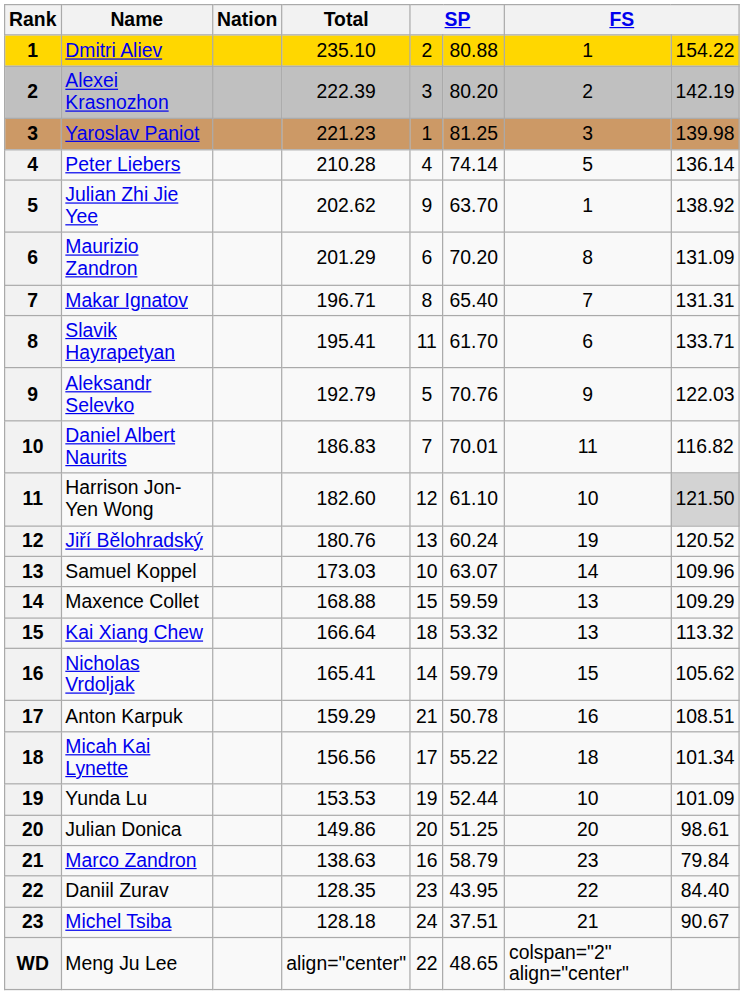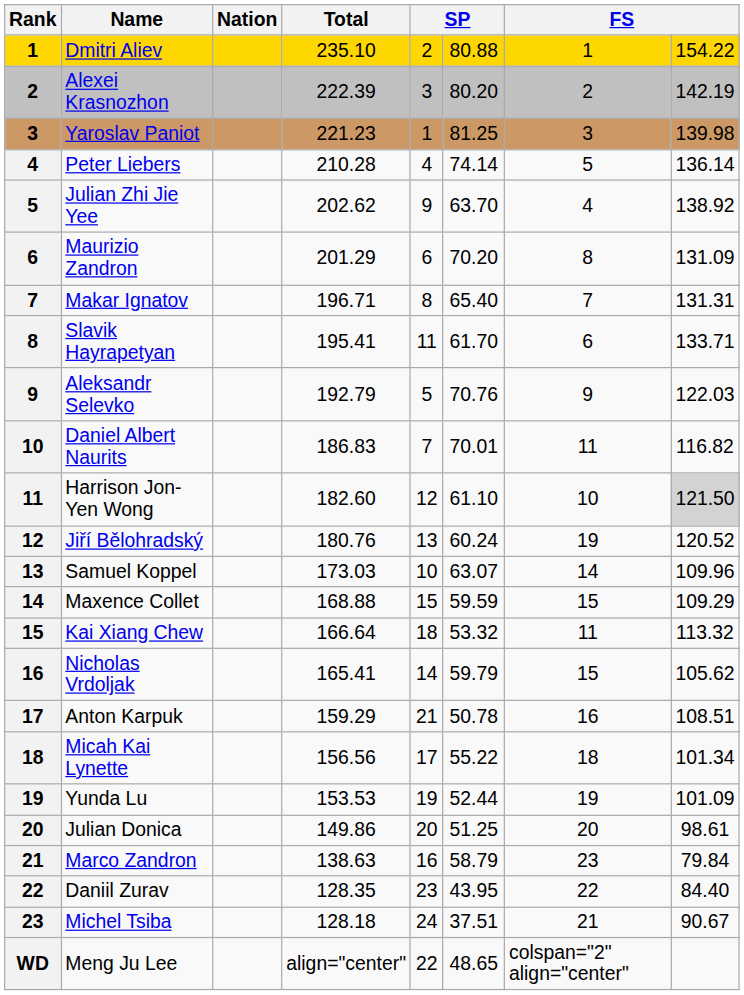 <table class="wikitable sortable">
 <tr>
 <th>Rank</th>
 <th>Name</th>
 <th>Nation</th>
 <th width="80px">Total</th>
 <th colspan="2" width="80px"><a href='#'>SP</a></th>
 <th colspan="2" width="80px"><a href='#'>FS</a></th>
 </tr>
 <tr bgcolor="gold">
 <td align="center"><strong>1</strong></td>
 <td><a href='#'>Dmitri Aliev</a></td>
 <td></td>
 <td align="center">235.10</td>
 <td align="center">2</td>
 <td align="center">80.88</td>
 <td align="center">1</td>
 <td align="center">154.22</td>
 </tr>
 <tr bgcolor="silver">
 <td align="center"><strong>2</strong></td>
 <td><a href='#'>Alexei Krasnozhon</a></td>
 <td></td>
 <td align="center">222.39</td>
 <td align="center">3</td>
 <td align="center">80.20</td>
 <td align="center">2</td>
 <td align="center">142.19</td>
 </tr>
 <tr bgcolor="cc9966">
 <td align="center"><strong>3</strong></td>
 <td><a href='#'>Yaroslav Paniot</a></td>
 <td></td>
 <td align="center">221.23</td>
 <td align="center">1</td>
 <td align="center">81.25</td>
 <td align="center">3</td>
 <td align="center">139.98</td>
 </tr>
 <tr>
 <th>4</th>
 <td><a href='#'>Peter Liebers</a></td>
 <td></td>
 <td align="center">210.28</td>
 <td align="center">4</td>
 <td align="center">74.14</td>
 <td align="center">5</td>
 <td align="center">136.14</td>
 </tr>
 <tr>
 <th>5</th>
 <td><a href='#'>Julian Zhi Jie Yee</a></td>
 <td></td>
 <td align="center">202.62</td>
 <td align="center">9</td>
 <td align="center">63.70</td>
-<td align="center">1</td>
+<td align="center">4</td>
 <td align="center">138.92</td>
 </tr>
 <tr>
 <th>6</th>
 <td><a href='#'>Maurizio Zandron</a></td>
 <td></td>
 <td align="center">201.29</td>
 <td align="center">6</td>
 <td align="center">70.20</td>
 <td align="center">8</td>
 <td align="center">131.09</td>
 </tr>
 <tr>
 <th>7</th>
 <td><a href='#'>Makar Ignatov</a></td>
 <td></td>
 <td align="center">196.71</td>
 <td align="center">8</td>
 <td align="center">65.40</td>
 <td align="center">7</td>
 <td align="center">131.31</td>
 </tr>
 <tr>
 <th>8</th>
 <td><a href='#'>Slavik Hayrapetyan</a></td>
 <td></td>
 <td align="center">195.41</td>
 <td align="center">11</td>
 <td align="center">61.70</td>
 <td align="center">6</td>
 <td align="center">133.71</td>
 </tr>
 <tr>
 <th>9</th>
 <td><a href='#'>Aleksandr Selevko</a></td>
 <td></td>
 <td align="center">192.79</td>
 <td align="center">5</td>
 <td align="center">70.76</td>
 <td align="center">9</td>
 <td align="center">122.03</td>
 </tr>
 <tr>
 <th>10</th>
 <td><a href='#'>Daniel Albert Naurits</a></td>
 <td></td>
 <td align="center">186.83</td>
 <td align="center">7</td>
 <td align="center">70.01</td>
 <td align="center">11</td>
 <td align="center">116.82</td>
 </tr>
 <tr>
 <th>11</th>
 <td>Harrison Jon-Yen Wong</td>
 <td></td>
 <td align="center">182.60</td>
 <td align="center">12</td>
 <td align="center">61.10</td>
 <td align="center">10</td>
 <td align="center" style="background: lightgrey;">121.50</td>
 </tr>
 <tr>
 <th>12</th>
 <td><a href='#'>Jiří Bělohradský</a></td>
 <td></td>
 <td align="center">180.76</td>
 <td align="center">13</td>
 <td align="center">60.24</td>
 <td align="center">19</td>
 <td align="center">120.52</td>
 </tr>
 <tr>
 <th>13</th>
 <td>Samuel Koppel</td>
 <td></td>
 <td align="center">173.03</td>
 <td align="center">10</td>
 <td align="center">63.07</td>
 <td align="center">14</td>
 <td align="center">109.96</td>
 </tr>
 <tr>
 <th>14</th>
 <td>Maxence Collet</td>
 <td></td>
 <td align="center">168.88</td>
 <td align="center">15</td>
 <td align="center">59.59</td>
-<td align="center">13</td>
+<td align="center">15</td>
 <td align="center">109.29</td>
 </tr>
 <tr>
 <th>15</th>
 <td><a href='#'>Kai Xiang Chew</a></td>
 <td></td>
 <td align="center">166.64</td>
 <td align="center">18</td>
 <td align="center">53.32</td>
-<td align="center">13</td>
+<td align="center">11</td>
 <td align="center">113.32</td>
 </tr>
 <tr>
 <th>16</th>
 <td><a href='#'>Nicholas Vrdoljak</a></td>
 <td></td>
 <td align="center">165.41</td>
 <td align="center">14</td>
 <td align="center">59.79</td>
 <td align="center">15</td>
 <td align="center">105.62</td>
 </tr>
 <tr>
 <th>17</th>
 <td>Anton Karpuk</td>
 <td></td>
 <td align="center">159.29</td>
 <td align="center">21</td>
 <td align="center">50.78</td>
 <td align="center">16</td>
 <td align="center">108.51</td>
 </tr>
 <tr>
 <th>18</th>
 <td><a href='#'>Micah Kai Lynette</a></td>
 <td></td>
 <td align="center">156.56</td>
 <td align="center">17</td>
 <td align="center">55.22</td>
 <td align="center">18</td>
 <td align="center">101.34</td>
 </tr>
 <tr>
 <th>19</th>
 <td>Yunda Lu</td>
 <td></td>
 <td align="center">153.53</td>
 <td align="center">19</td>
 <td align="center">52.44</td>
-<td align="center">10</td>
+<td align="center">19</td>
 <td align="center">101.09</td>
 </tr>
 <tr>
 <th>20</th>
 <td>Julian Donica</td>
 <td></td>
 <td align="center">149.86</td>
 <td align="center">20</td>
 <td align="center">51.25</td>
 <td align="center">20</td>
 <td align="center">98.61</td>
 </tr>
 <tr>
 <th>21</th>
 <td><a href='#'>Marco Zandron</a></td>
 <td></td>
 <td align="center">138.63</td>
 <td align="center">16</td>
 <td align="center">58.79</td>
 <td align="center">23</td>
 <td align="center">79.84</td>
 </tr>
 <tr>
 <th>22</th>
 <td>Daniil Zurav</td>
 <td></td>
 <td align="center">128.35</td>
 <td align="center">23</td>
 <td align="center">43.95</td>
 <td align="center">22</td>
 <td align="center">84.40</td>
 </tr>
 <tr>
 <th>23</th>
 <td><a href='#'>Michel Tsiba</a></td>
 <td></td>
 <td align="center">128.18</td>
 <td align="center">24</td>
 <td align="center">37.51</td>
 <td align="center">21</td>
 <td align="center">90.67</td>
 </tr>
 <tr>
 <th>WD</th>
 <td>Meng Ju Lee</td>
 <td></td>
 <td>align="center" </td>
 <td align="center">22</td>
 <td align="center">48.65</td>
 <td>colspan="2" align="center" </td>
 </tr>
 </table>
